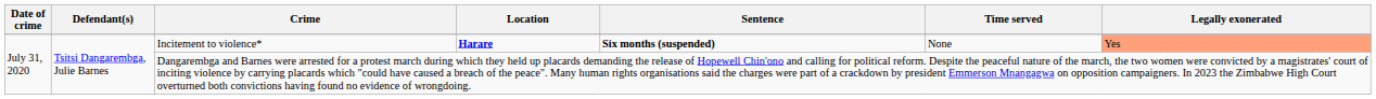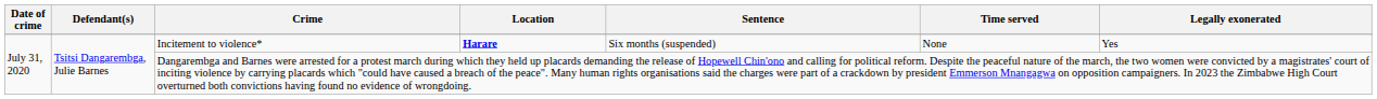 <table class="wikitable sortable">
 <tr>
 <th>Date of crime</th>
 <th>Defendant(s)</th>
 <th>Crime</th>
 <th>Location</th>
 <th>Sentence</th>
 <th>Time served</th>
 <th>Legally exonerated</th>
 </tr>
 <tr>
 </tr>
 <tr ->
 <td rowspan="2">July 31, 2020</td>
 <td rowspan="2"><a href='#'>Tsitsi Dangarembga</a>, Julie Barnes</td>
 <td>Incitement to violence*</td>
 <td><strong><a href='#'>Harare</a></strong></td>
-<td><strong>Six months (suspended)</strong></td>
+<td>Six months (suspended)</td>
 <td>None</td>
-<td style="background: lightsalmon;">Yes</td>
+<td>Yes</td>
 </tr>
 <tr>
 <td colspan=5>Dangarembga and Barnes were arrested for a protest march during which they held up placards demanding the release of <a href='#'>Hopewell Chin'ono</a> and calling for political reform. Despite the peaceful nature of the march, the two women were convicted by a magistrates' court of inciting violence by carrying placards which "could have caused a breach of the peace". Many human rights organisations said the charges were part of a crackdown by president <a href='#'>Emmerson Mnangagwa</a> on opposition campaigners. In 2023 the Zimbabwe High Court overturned both convictions having found no evidence of wrongdoing.</td>
 </tr>
 </table>
